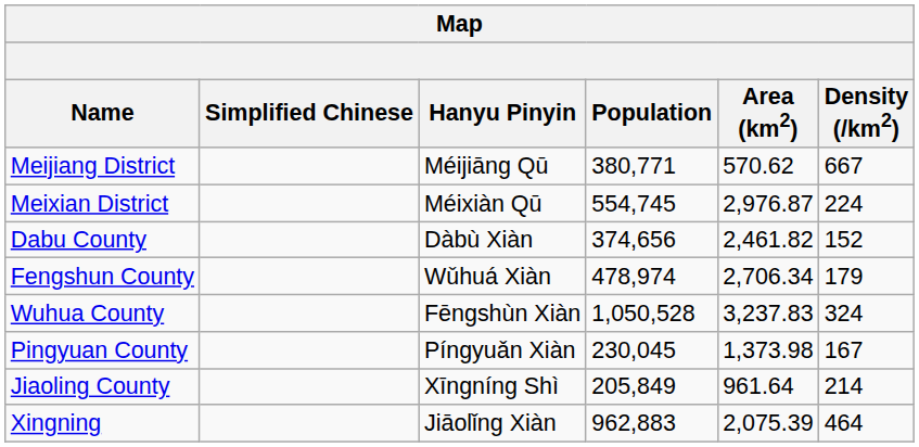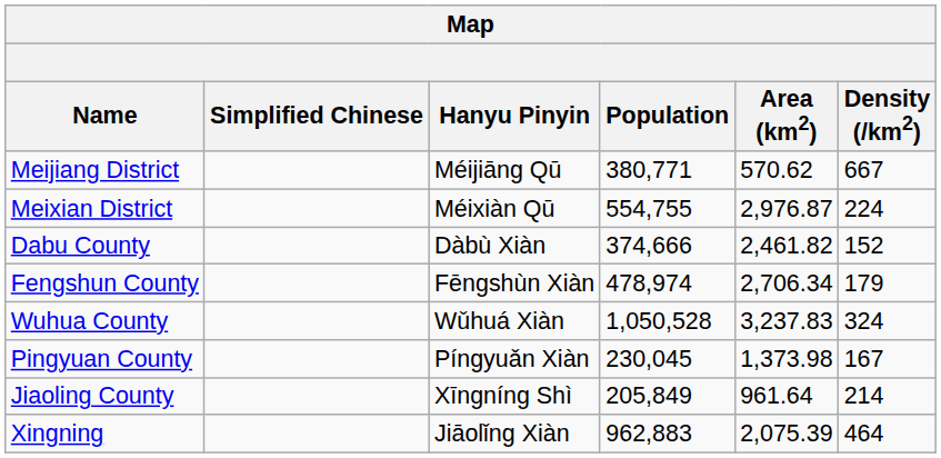 <table class="wikitable" style="font-size:90%;">
 <tr>
 <th colspan="6">Map</th>
 </tr>
 <tr>
 <th colspan="6"><div><br>           </div></th>
 </tr>
 <tr>
 <th>Name</th>
 <th>Simplified Chinese</th>
 <th>Hanyu Pinyin</th>
 <th>Population<br></th>
 <th>Area<br>(km<sup>2</sup>)</th>
 <th>Density<br>(/km<sup>2</sup>)</th>
 </tr>
 <tr>
 <td><a href='#'>Meijiang District</a></td>
 <td></td>
 <td>Méijiāng Qū</td>
 <td>380,771</td>
 <td>570.62</td>
 <td>667</td>
 </tr>
 <tr>
 <td><a href='#'>Meixian District</a></td>
 <td></td>
 <td>Méixiàn Qū</td>
-<td>554,745</td>
+<td>554,755</td>
 <td>2,976.87</td>
 <td>224</td>
 </tr>
 <tr>
 <td><a href='#'>Dabu County</a></td>
 <td></td>
 <td>Dàbù Xiàn</td>
-<td>374,656</td>
+<td>374,666</td>
 <td>2,461.82</td>
 <td>152</td>
 </tr>
 <tr>
 <td><a href='#'>Fengshun County</a></td>
 <td></td>
-<td>Wǔhuá Xiàn</td>
+<td>Fēngshùn Xiàn</td>
 <td>478,974</td>
 <td>2,706.34</td>
 <td>179</td>
 </tr>
 <tr>
 <td><a href='#'>Wuhua County</a></td>
 <td></td>
-<td>Fēngshùn Xiàn</td>
+<td>Wǔhuá Xiàn</td>
 <td>1,050,528</td>
 <td>3,237.83</td>
 <td>324</td>
 </tr>
 <tr>
 <td><a href='#'>Pingyuan County</a></td>
 <td></td>
 <td>Píngyuǎn Xiàn</td>
 <td>230,045</td>
 <td>1,373.98</td>
 <td>167</td>
 </tr>
 <tr>
 <td><a href='#'>Jiaoling County</a></td>
 <td></td>
 <td>Xīngníng Shì</td>
 <td>205,849</td>
 <td>961.64</td>
 <td>214</td>
 </tr>
 <tr>
 <td><a href='#'>Xingning</a></td>
 <td></td>
 <td>Jiāolǐng Xiàn</td>
 <td>962,883</td>
 <td>2,075.39</td>
 <td>464</td>
 </tr>
 </table>
